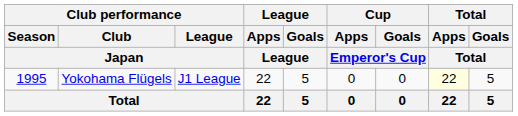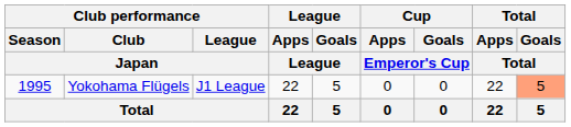 <table class="wikitable" style="text-align:center;">
 <tr>
 <th colspan=3>Club performance</th>
 <th colspan=2>League</th>
 <th colspan=2>Cup</th>
 <th colspan=2>Total</th>
 </tr>
 <tr>
 <th>Season</th>
 <th>Club</th>
 <th>League</th>
 <th>Apps</th>
 <th>Goals</th>
 <th>Apps</th>
 <th>Goals</th>
 <th>Apps</th>
 <th>Goals</th>
 </tr>
 <tr>
 <th colspan=3>Japan</th>
 <th colspan=2>League</th>
 <th colspan=2><a href='#'>Emperor's Cup</a></th>
 <th colspan=2>Total</th>
 </tr>
 <tr>
 <td><a href='#'>1995</a></td>
 <td><a href='#'>Yokohama Flügels</a></td>
 <td><a href='#'>J1 League</a></td>
 <td>22</td>
 <td>5</td>
 <td>0</td>
 <td>0</td>
-<td style="background: lightyellow;">22</td>
-<td>5</td>
+<td>22</td>
+<td style="background: lightsalmon;">5</td>
 </tr>
 <tr>
 <th colspan=3>Total</th>
 <th>22</th>
 <th>5</th>
 <th>0</th>
 <th>0</th>
 <th>22</th>
 <th>5</th>
 </tr>
 </table>
